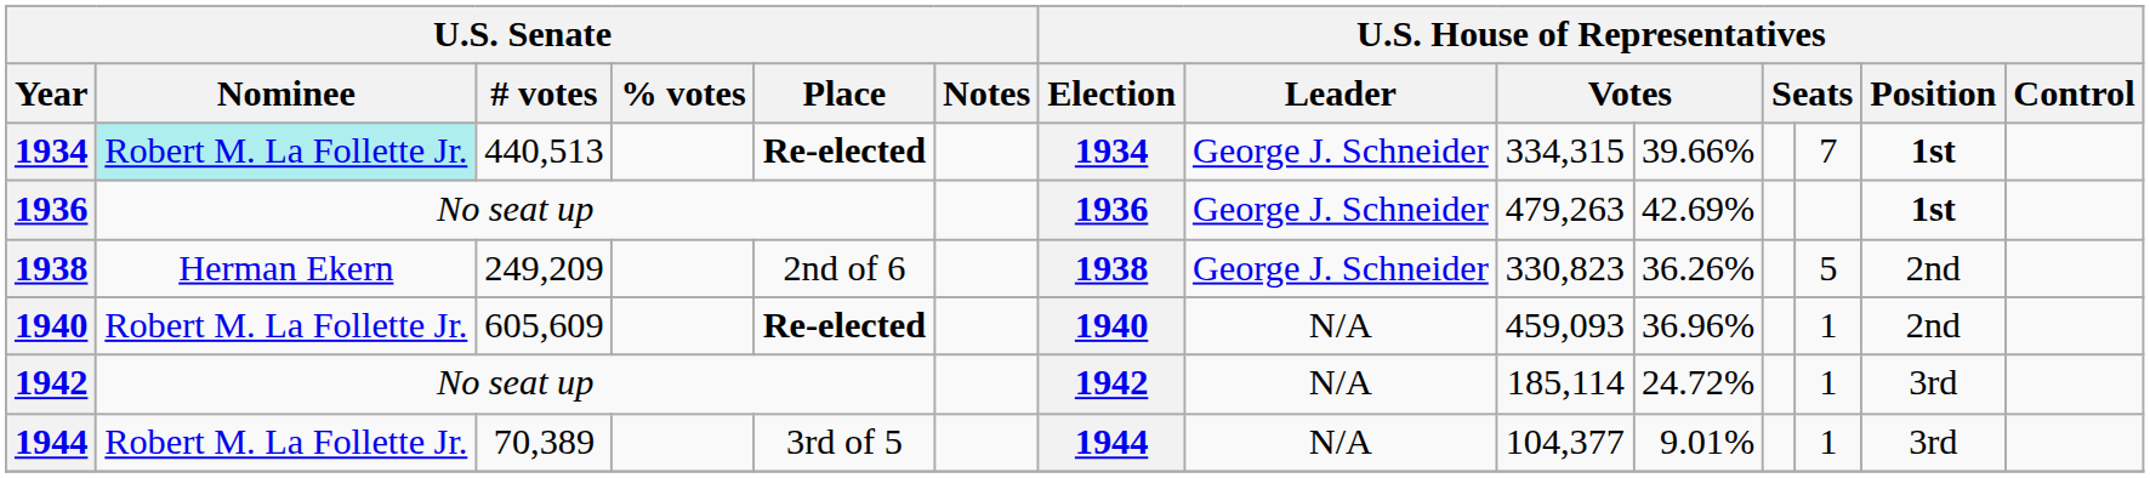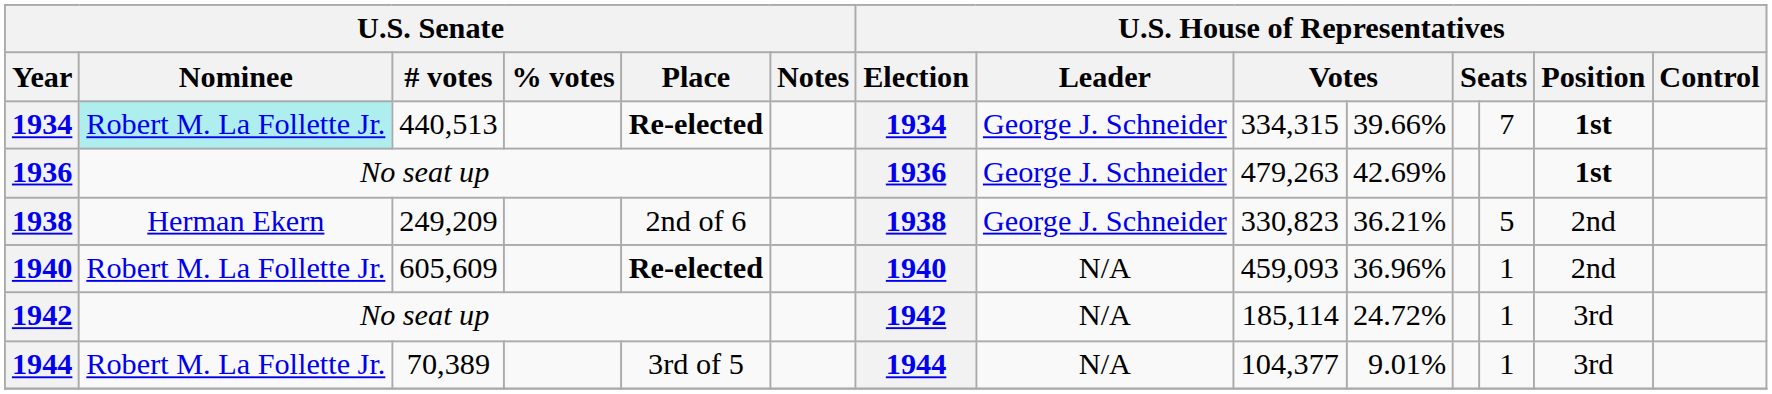 <table class=wikitable style="text-align:center;">
 <tr style="background:lightgrey;">
 <th colspan="6">U.S. Senate</th>
 <th colspan="9">U.S. House of Representatives</th>
 </tr>
 <tr style="background:lightgrey;">
 <th>Year</th>
 <th>Nominee</th>
 <th># votes</th>
 <th>% votes</th>
 <th>Place</th>
 <th>Notes</th>
 <th>Election</th>
 <th>Leader</th>
 <th colspan=2>Votes</th>
 <th colspan=2>Seats</th>
 <th>Position</th>
 <th>Control</th>
 </tr>
 <tr>
 <th><a href='#'>1934</a></th>
 <td style="background: paleturquoise;"><a href='#'>Robert M. La Follette Jr.</a></td>
 <td>440,513</td>
 <td></td>
 <td><strong>Re-elected</strong></td>
 <td></td>
 <th><a href='#'>1934</a></th>
 <td><a href='#'>George J. Schneider</a></td>
 <td style="text-align:right;">334,315</td>
 <td style="text-align:right;">39.66%</td>
 <td style="text-align:center;"></td>
 <td> 7</td>
 <td><strong>1st</strong></td>
 <td></td>
 </tr>
 <tr>
 <th><a href='#'>1936</a></th>
 <td colspan=4><em>No seat up</em></td>
 <td></td>
 <th><a href='#'>1936</a></th>
 <td><a href='#'>George J. Schneider</a></td>
 <td style="text-align:right;">479,263</td>
 <td style="text-align:right;">42.69%</td>
 <td style="text-align:center;"></td>
 <td></td>
 <td><strong>1st</strong></td>
 <td></td>
 </tr>
 <tr>
 <th><a href='#'>1938</a></th>
 <td><a href='#'>Herman Ekern</a></td>
 <td>249,209</td>
 <td></td>
 <td>2nd of 6</td>
 <td></td>
 <th><a href='#'>1938</a></th>
 <td><a href='#'>George J. Schneider</a></td>
 <td style="text-align:right;">330,823</td>
-<td style="text-align:right;">36.26%</td>
+<td style="text-align:right;">36.21%</td>
 <td style="text-align:center;"></td>
 <td> 5</td>
 <td>2nd</td>
 <td></td>
 </tr>
 <tr>
 <th><a href='#'>1940</a></th>
 <td><a href='#'>Robert M. La Follette Jr.</a></td>
 <td>605,609</td>
 <td></td>
 <td><strong>Re-elected</strong></td>
 <td></td>
 <th><a href='#'>1940</a></th>
 <td>N/A</td>
 <td style="text-align:right;">459,093</td>
 <td style="text-align:right;">36.96%</td>
 <td style="text-align:center;"></td>
 <td> 1</td>
 <td>2nd</td>
 <td></td>
 </tr>
 <tr>
 <th><a href='#'>1942</a></th>
 <td colspan=4><em>No seat up</em></td>
 <td></td>
 <th><a href='#'>1942</a></th>
 <td>N/A</td>
 <td style="text-align:right;">185,114</td>
 <td style="text-align:right;">24.72%</td>
 <td style="text-align:center;"></td>
 <td> 1</td>
 <td>3rd</td>
 <td></td>
 </tr>
 <tr>
 <th><a href='#'>1944</a></th>
 <td><a href='#'>Robert M. La Follette Jr.</a></td>
 <td>70,389</td>
 <td></td>
 <td>3rd of 5</td>
 <td></td>
 <th><a href='#'>1944</a></th>
 <td>N/A</td>
 <td style="text-align:right;">104,377</td>
 <td style="text-align:right;">9.01%</td>
 <td style="text-align:center;"></td>
 <td> 1</td>
 <td>3rd</td>
 <td></td>
 </tr>
 <tr>
 </tr>
 </table>
